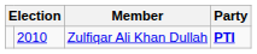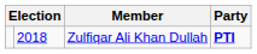 <table class="wikitable">
 <tr>
 <th colspan="2">Election</th>
 <th>Member</th>
 <th>Party</th>
 </tr>
 <tr>
 <td style="background-color: "></td>
-<td><a href='#'>2010</a></td>
+<td><a href='#'>2018</a></td>
 <td><a href='#'>Zulfiqar Ali Khan Dullah</a></td>
 <td><strong><a href='#'>PTI</a></strong></td>
 </tr>
 </table>
